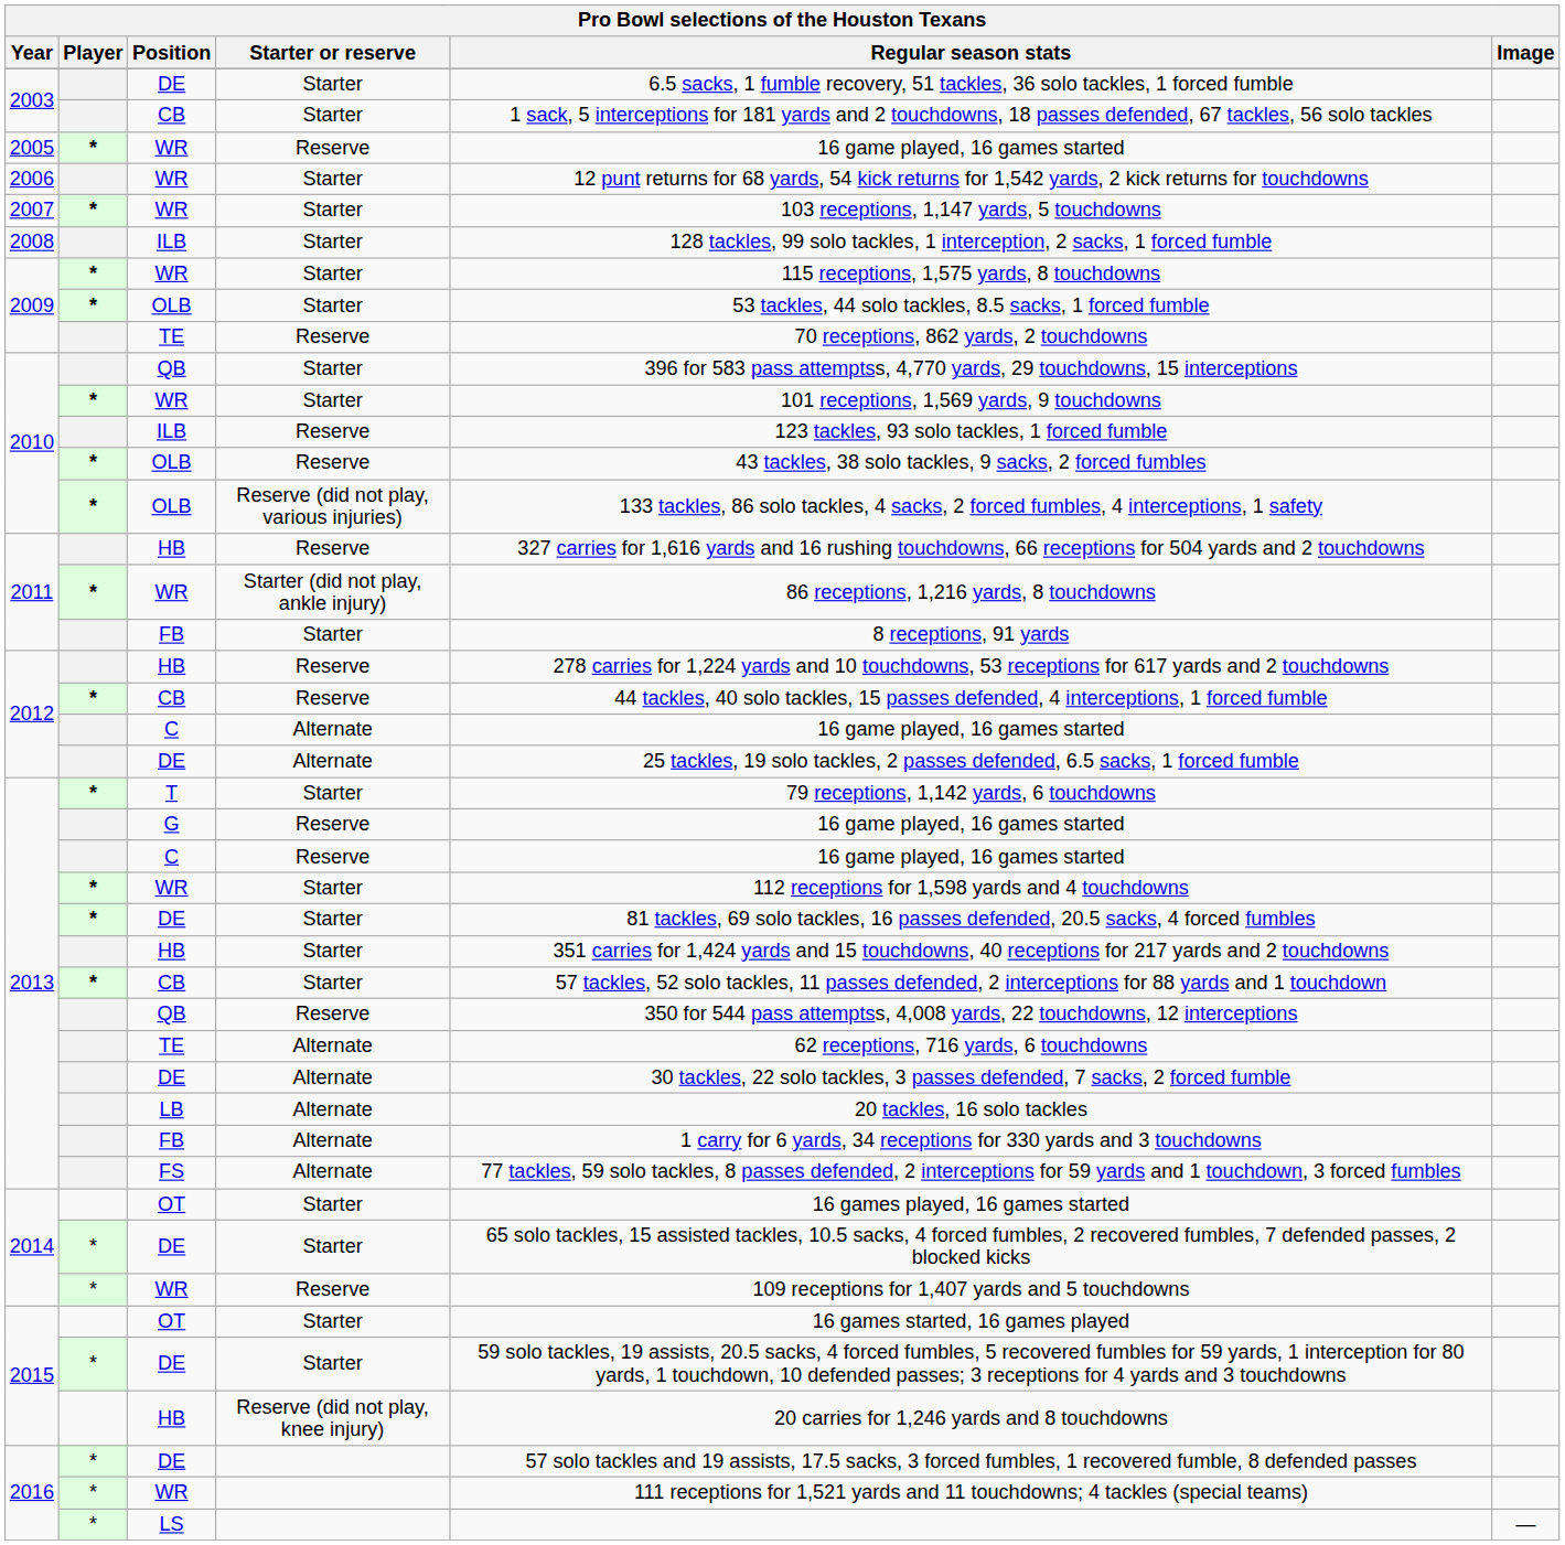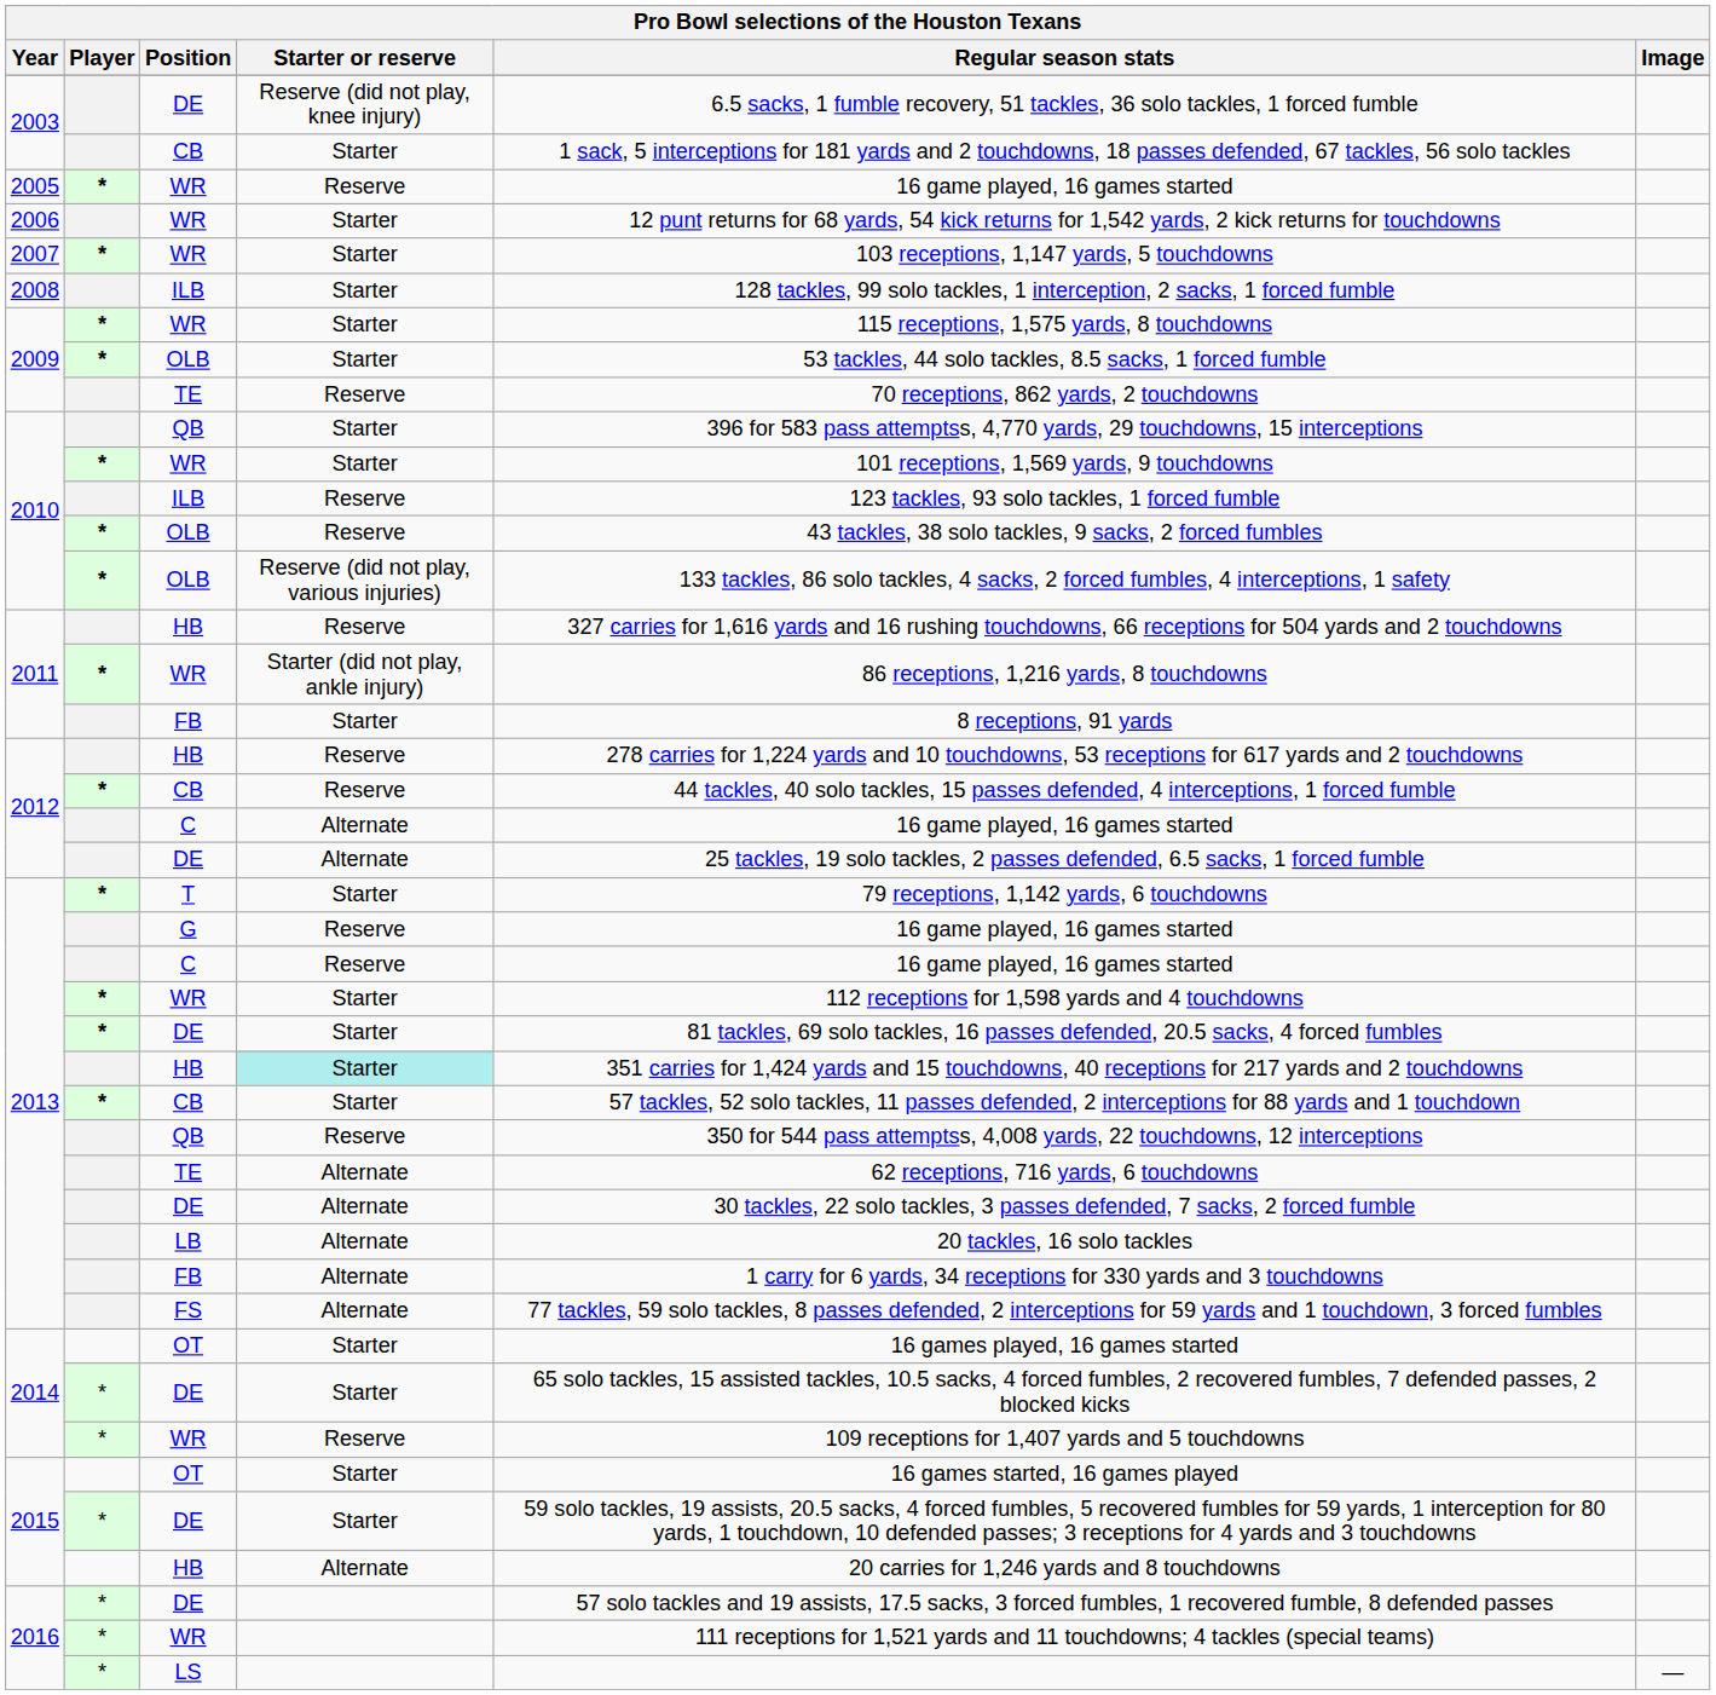 <table class="wikitable sortable plainrowheaders" style="text-align:center">
 <tr>
 <th colspan=6>Pro Bowl selections of the Houston Texans</th>
 </tr>
 <tr>
 <th scope="col">Year </th>
 <th scope="col">Player</th>
 <th scope="col">Position</th>
 <th scope="col">Starter or reserve</th>
 <th scope="col" class="unsortable">Regular season stats</th>
 <th scope="col" class="unsortable">Image</th>
 </tr>
 <tr class="sortbottom">
 </tr>
 <tr>
 <td rowspan=2><a href='#'>2003</a></td>
 <th scope="row"></th>
 <td><a href='#'>DE</a></td>
-<td>Starter</td>
+<td>Reserve (did not play, knee injury)</td>
 <td>6.5 <a href='#'>sacks</a>, 1 <a href='#'>fumble</a> recovery, 51 <a href='#'>tackles</a>, 36 solo tackles, 1 forced fumble</td>
 <td></td>
 </tr>
 <tr>
 <th scope="row"></th>
 <td><a href='#'>CB</a></td>
 <td>Starter</td>
 <td>1 <a href='#'>sack</a>, 5 <a href='#'>interceptions</a> for 181 <a href='#'>yards</a> and 2 <a href='#'>touchdowns</a>, 18 <a href='#'>passes defended</a>, 67 <a href='#'>tackles</a>, 56 solo tackles</td>
 <td></td>
 </tr>
 <tr>
 <td><a href='#'>2005</a></td>
 <th scope="row" style="background-color: #DDFFDD;"> *</th>
 <td><a href='#'>WR</a></td>
 <td>Reserve</td>
 <td>16 game played, 16 games started</td>
 <td></td>
 </tr>
 <tr>
 <td><a href='#'>2006</a></td>
 <th scope="row"></th>
 <td><a href='#'>WR</a></td>
 <td>Starter</td>
 <td>12 <a href='#'>punt</a> returns for 68 <a href='#'>yards</a>, 54 <a href='#'>kick returns</a> for 1,542 <a href='#'>yards</a>, 2 kick returns for <a href='#'>touchdowns</a></td>
 <td></td>
 </tr>
 <tr>
 <td><a href='#'>2007</a></td>
 <th scope="row" style="background-color: #DDFFDD;"> *</th>
 <td><a href='#'>WR</a></td>
 <td>Starter</td>
 <td>103 <a href='#'>receptions</a>, 1,147 <a href='#'>yards</a>, 5 <a href='#'>touchdowns</a></td>
 <td></td>
 </tr>
 <tr>
 <td><a href='#'>2008</a></td>
 <th scope="row"></th>
 <td><a href='#'>ILB</a></td>
 <td>Starter</td>
 <td>128 <a href='#'>tackles</a>, 99 solo tackles, 1 <a href='#'>interception</a>, 2 <a href='#'>sacks</a>, 1 <a href='#'>forced fumble</a></td>
 <td></td>
 </tr>
 <tr>
 <td rowspan=3><a href='#'>2009</a></td>
 <th scope="row" style="background-color: #DDFFDD;"> *</th>
 <td><a href='#'>WR</a></td>
 <td>Starter</td>
 <td>115 <a href='#'>receptions</a>, 1,575 <a href='#'>yards</a>, 8 <a href='#'>touchdowns</a></td>
 <td></td>
 </tr>
 <tr>
 <th scope="row" style="background-color: #DDFFDD;"> *</th>
 <td><a href='#'>OLB</a></td>
 <td>Starter</td>
 <td>53 <a href='#'>tackles</a>, 44 solo tackles, 8.5 <a href='#'>sacks</a>, 1 <a href='#'>forced fumble</a></td>
 <td></td>
 </tr>
 <tr>
 <th scope="row"></th>
 <td><a href='#'>TE</a></td>
 <td>Reserve</td>
 <td>70 <a href='#'>receptions</a>, 862 <a href='#'>yards</a>, 2 <a href='#'>touchdowns</a></td>
 <td></td>
 </tr>
 <tr>
 <td rowspan=5><a href='#'>2010</a></td>
 <th scope="row"></th>
 <td><a href='#'>QB</a></td>
 <td>Starter</td>
 <td>396 for 583 <a href='#'>pass attempts</a>s, 4,770 <a href='#'>yards</a>, 29 <a href='#'>touchdowns</a>, 15 <a href='#'>interceptions</a></td>
 <td></td>
 </tr>
 <tr>
 <th scope="row" style="background-color: #DDFFDD;"> *</th>
 <td><a href='#'>WR</a></td>
 <td>Starter</td>
 <td>101 <a href='#'>receptions</a>, 1,569 <a href='#'>yards</a>, 9 <a href='#'>touchdowns</a></td>
 <td></td>
 </tr>
 <tr>
 <th scope="row"></th>
 <td><a href='#'>ILB</a></td>
 <td>Reserve</td>
 <td>123 <a href='#'>tackles</a>, 93 solo tackles, 1 <a href='#'>forced fumble</a></td>
 <td></td>
 </tr>
 <tr>
 <th scope="row" style="background-color: #DDFFDD;"> *</th>
 <td><a href='#'>OLB</a></td>
 <td>Reserve</td>
 <td>43 <a href='#'>tackles</a>, 38 solo tackles, 9 <a href='#'>sacks</a>, 2 <a href='#'>forced fumbles</a></td>
 <td></td>
 </tr>
 <tr>
 <th scope="row" style="background-color: #DDFFDD;"> *</th>
 <td><a href='#'>OLB</a></td>
 <td>Reserve (did not play, various injuries)</td>
 <td>133 <a href='#'>tackles</a>, 86 solo tackles, 4 <a href='#'>sacks</a>, 2 <a href='#'>forced fumbles</a>, 4 <a href='#'>interceptions</a>, 1 <a href='#'>safety</a></td>
 <td></td>
 </tr>
 <tr>
 <td rowspan=3><a href='#'>2011</a></td>
 <th scope="row"></th>
 <td><a href='#'>HB</a></td>
 <td>Reserve</td>
 <td>327 <a href='#'>carries</a> for 1,616 <a href='#'>yards</a> and 16 rushing <a href='#'>touchdowns</a>, 66 <a href='#'>receptions</a> for 504 yards and 2 <a href='#'>touchdowns</a></td>
 <td></td>
 </tr>
 <tr>
 <th scope="row" style="background-color: #DDFFDD;"> *</th>
 <td><a href='#'>WR</a></td>
 <td>Starter (did not play, ankle injury)</td>
 <td>86 <a href='#'>receptions</a>, 1,216 <a href='#'>yards</a>, 8 <a href='#'>touchdowns</a></td>
 <td></td>
 </tr>
 <tr>
 <th scope="row"></th>
 <td><a href='#'>FB</a></td>
 <td>Starter</td>
 <td>8 <a href='#'>receptions</a>, 91 <a href='#'>yards</a></td>
 <td></td>
 </tr>
 <tr>
 <td rowspan=4><a href='#'>2012</a></td>
 <th scope="row"></th>
 <td><a href='#'>HB</a></td>
 <td>Reserve</td>
 <td>278 <a href='#'>carries</a> for 1,224 <a href='#'>yards</a> and 10 <a href='#'>touchdowns</a>, 53 <a href='#'>receptions</a> for 617 yards and 2 <a href='#'>touchdowns</a></td>
 <td></td>
 </tr>
 <tr>
 <th scope="row" style="background-color: #DDFFDD;"> *</th>
 <td><a href='#'>CB</a></td>
 <td>Reserve</td>
 <td>44 <a href='#'>tackles</a>, 40 solo tackles, 15 <a href='#'>passes defended</a>, 4 <a href='#'>interceptions</a>, 1 <a href='#'>forced fumble</a></td>
 <td></td>
 </tr>
 <tr>
 <th scope="row"></th>
 <td><a href='#'>C</a></td>
 <td>Alternate</td>
 <td>16 game played, 16 games started</td>
 <td></td>
 </tr>
 <tr>
 <th scope="row"></th>
 <td><a href='#'>DE</a></td>
 <td>Alternate</td>
 <td>25 <a href='#'>tackles</a>, 19 solo tackles, 2 <a href='#'>passes defended</a>, 6.5 <a href='#'>sacks</a>, 1 <a href='#'>forced fumble</a></td>
 <td></td>
 </tr>
 <tr>
 <td rowspan=13><a href='#'>2013</a></td>
 <th scope="row" style="background-color: #DDFFDD;"> *</th>
 <td><a href='#'>T</a></td>
 <td>Starter</td>
 <td>79 <a href='#'>receptions</a>, 1,142 <a href='#'>yards</a>, 6 <a href='#'>touchdowns</a></td>
 <td></td>
 </tr>
 <tr>
 <th scope="row"></th>
 <td><a href='#'>G</a></td>
 <td>Reserve</td>
 <td>16 game played, 16 games started</td>
 <td></td>
 </tr>
 <tr>
 <th scope="row"></th>
 <td><a href='#'>C</a></td>
 <td>Reserve </td>
 <td>16 game played, 16 games started</td>
 <td></td>
 </tr>
 <tr>
 <th scope="row" style="background-color: #DDFFDD;"> *</th>
 <td><a href='#'>WR</a></td>
 <td>Starter</td>
 <td>112 <a href='#'>receptions</a> for 1,598 yards and 4 <a href='#'>touchdowns</a></td>
 <td></td>
 </tr>
 <tr>
 <th scope="row" style="background-color: #DDFFDD;"> *</th>
 <td><a href='#'>DE</a></td>
 <td>Starter</td>
 <td>81 <a href='#'>tackles</a>, 69 solo tackles, 16 <a href='#'>passes defended</a>, 20.5 <a href='#'>sacks</a>,  4 forced <a href='#'>fumbles</a></td>
 <td></td>
 </tr>
 <tr>
 <th scope="row"></th>
 <td><a href='#'>HB</a></td>
-<td>Starter</td>
+<td style="background: paleturquoise;">Starter</td>
 <td>351 <a href='#'>carries</a> for 1,424 <a href='#'>yards</a> and 15 <a href='#'>touchdowns</a>, 40 <a href='#'>receptions</a> for 217 yards and 2 <a href='#'>touchdowns</a></td>
 <td></td>
 </tr>
 <tr>
 <th scope="row" style="background-color: #DDFFDD;"> *</th>
 <td><a href='#'>CB</a></td>
 <td>Starter</td>
 <td>57 <a href='#'>tackles</a>, 52 solo tackles, 11 <a href='#'>passes defended</a>, 2 <a href='#'>interceptions</a> for 88 <a href='#'>yards</a> and 1 <a href='#'>touchdown</a></td>
 <td></td>
 </tr>
 <tr>
 <th scope="row"></th>
 <td><a href='#'>QB</a></td>
 <td>Reserve</td>
 <td>350 for 544 <a href='#'>pass attempts</a>s, 4,008 <a href='#'>yards</a>, 22 <a href='#'>touchdowns</a>, 12 <a href='#'>interceptions</a></td>
 <td></td>
 </tr>
 <tr>
 <th scope="row"></th>
 <td><a href='#'>TE</a></td>
 <td>Alternate</td>
 <td>62 <a href='#'>receptions</a>, 716 <a href='#'>yards</a>, 6 <a href='#'>touchdowns</a></td>
 <td></td>
 </tr>
 <tr>
 <th scope="row"></th>
 <td><a href='#'>DE</a></td>
 <td>Alternate</td>
 <td>30 <a href='#'>tackles</a>, 22 solo tackles, 3 <a href='#'>passes defended</a>, 7 <a href='#'>sacks</a>, 2 <a href='#'>forced fumble</a></td>
 <td></td>
 </tr>
 <tr>
 <th scope="row"></th>
 <td><a href='#'>LB</a></td>
 <td>Alternate</td>
 <td>20 <a href='#'>tackles</a>, 16 solo tackles</td>
 <td></td>
 </tr>
 <tr>
 <th scope="row"></th>
 <td><a href='#'>FB</a></td>
 <td>Alternate</td>
 <td>1 <a href='#'>carry</a> for 6 <a href='#'>yards</a>, 34 <a href='#'>receptions</a> for 330 yards and 3 <a href='#'>touchdowns</a></td>
 <td></td>
 </tr>
 <tr>
 <th scope="row"></th>
 <td><a href='#'>FS</a></td>
 <td>Alternate</td>
 <td>77 <a href='#'>tackles</a>, 59 solo tackles, 8 <a href='#'>passes defended</a>, 2 <a href='#'>interceptions</a> for 59 <a href='#'>yards</a> and 1 <a href='#'>touchdown</a>, 3 forced <a href='#'>fumbles</a></td>
 <td></td>
 </tr>
 <tr>
 <td rowspan=3><a href='#'>2014</a></td>
 <td scope="row"></td>
 <td><a href='#'>OT</a></td>
 <td>Starter</td>
 <td>16 games played, 16 games started</td>
 <td></td>
 </tr>
 <tr>
 <td scope="row" style="background-color: #DDFFDD;" scope="row"> *</td>
 <td><a href='#'>DE</a></td>
 <td>Starter</td>
 <td>65 solo tackles, 15 assisted tackles, 10.5 sacks, 4 forced fumbles, 2 recovered fumbles, 7 defended passes, 2 blocked kicks</td>
 <td></td>
 </tr>
 <tr>
 <td scope="row" style="background-color: #DDFFDD;" scope="row"> *</td>
 <td><a href='#'>WR</a></td>
 <td>Reserve</td>
 <td>109 receptions for 1,407 yards and 5 touchdowns</td>
 <td></td>
 </tr>
 <tr>
 <td rowspan=3><a href='#'>2015</a></td>
 <td scope="row"></td>
 <td><a href='#'>OT</a></td>
 <td>Starter</td>
 <td>16 games started, 16 games played</td>
 <td></td>
 </tr>
 <tr>
 <td scope="row" style="background-color: #DDFFDD;" scope="row"> *</td>
 <td><a href='#'>DE</a></td>
 <td>Starter</td>
 <td>59 solo tackles, 19 assists, 20.5 sacks, 4 forced fumbles, 5 recovered fumbles for 59 yards, 1 interception for 80 yards, 1 touchdown, 10 defended passes; 3 receptions for 4 yards and 3 touchdowns</td>
 <td></td>
 </tr>
 <tr>
 <td scope="row"></td>
 <td><a href='#'>HB</a></td>
-<td>Reserve (did not play, knee injury)</td>
+<td>Alternate</td>
 <td>20 carries for 1,246 yards and 8 touchdowns</td>
 <td></td>
 </tr>
 <tr>
 <td rowspan=3><a href='#'>2016</a></td>
 <td scope="row" style="background-color: #DDFFDD;" scope="row"> *</td>
 <td><a href='#'>DE</a></td>
 <td></td>
 <td>57 solo tackles and 19 assists, 17.5 sacks, 3 forced fumbles, 1 recovered fumble, 8 defended passes</td>
 <td></td>
 </tr>
 <tr>
 <td scope="row" style="background-color: #DDFFDD;" scope="row"> *</td>
 <td><a href='#'>WR</a></td>
 <td></td>
 <td>111 receptions for 1,521 yards and 11 touchdowns; 4 tackles (special teams)</td>
 <td></td>
 </tr>
 <tr>
 <td scope="row" style="background-color: #DDFFDD;" scope="row"> *</td>
 <td><a href='#'>LS</a></td>
 <td></td>
 <td></td>
 <td>—</td>
 </tr>
 </table>
